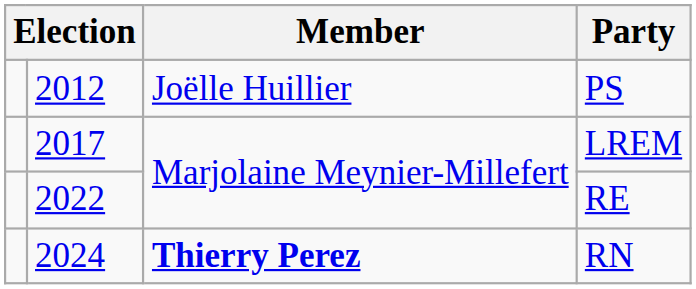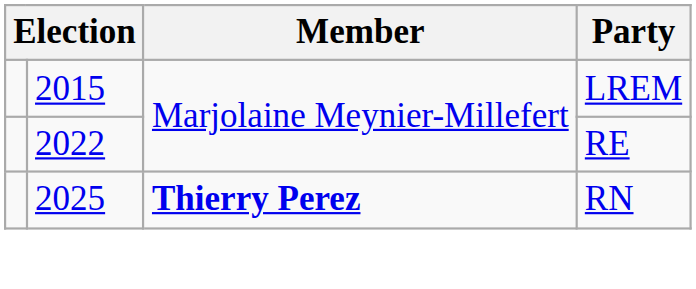 <table class="wikitable">
 <tr>
 <th colspan="2">Election</th>
 <th>Member</th>
 <th>Party</th>
 </tr>
 <tr>
-<td style="color:inherit;background-color:"></td>
-<td><a href='#'>2012</a></td>
-<td><a href='#'>Joëlle Huillier</a></td>
-<td><a href='#'>PS</a></td>
-</tr>
-<tr>
 <td style="color:inherit;background-color: "></td>
-<td><a href='#'>2017</a></td>
+<td><a href='#'>2015</a></td>
 <td rowspan="2"><a href='#'>Marjolaine Meynier-Millefert</a></td>
 <td><a href='#'>LREM</a></td>
 </tr>
 <tr>
 <td style="color:inherit;background-color: "></td>
 <td><a href='#'>2022</a></td>
 <td><a href='#'>RE</a></td>
 </tr>
 <tr>
 <td style="color:inherit;background-color: "></td>
-<td><a href='#'>2024</a></td>
+<td><a href='#'>2025</a></td>
 <td><strong><a href='#'>Thierry Perez</a></strong></td>
 <td><a href='#'>RN</a></td>
 </tr>
 </table>
